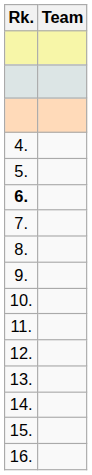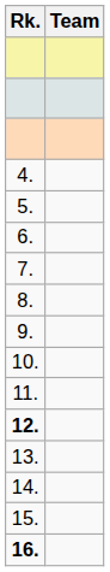 <table class="wikitable" style="border:1px solid #AAAAAA;font-size:90%" style="background:#ffffff;">
 <tr bgcolor="#E4E4E4">
 <th style="border-bottom:1px solid #AAAAAA">Rk.</th>
 <th style="border-bottom:1px solid #AAAAAA">Team</th>
 </tr>
 <tr bgcolor="#F7F6A8">
 <td align="center" style="height:23px"></td>
 <td></td>
 </tr>
 <tr bgcolor="#DCE5E5">
 <td align="center" style="height:23px"></td>
 <td></td>
 </tr>
 <tr bgcolor="#FFDAB9">
 <td align="center" style="height:23px"></td>
 <td></td>
 </tr>
 <tr>
 <td align="center">4.</td>
 <td></td>
 </tr>
 <tr>
 <td align="center">5.</td>
 <td></td>
 </tr>
 <tr>
-<td align="center"><strong>6.</strong></td>
+<td align="center">6.</td>
 <td></td>
 </tr>
 <tr>
 <td align="center">7.</td>
 <td></td>
 </tr>
 <tr>
 <td align="center">8.</td>
 <td></td>
 </tr>
 <tr>
 <td align="center">9.</td>
 <td></td>
 </tr>
 <tr>
 <td align="center">10.</td>
 <td></td>
 </tr>
 <tr>
 <td align="center">11.</td>
 <td></td>
 </tr>
 <tr>
-<td align="center">12.</td>
+<td align="center"><strong>12.</strong></td>
 <td></td>
 </tr>
 <tr>
 <td align="center">13.</td>
 <td></td>
 </tr>
 <tr>
 <td align="center">14.</td>
 <td></td>
 </tr>
 <tr>
 <td align="center">15.</td>
 <td></td>
 </tr>
 <tr>
-<td align="center">16.</td>
+<td align="center"><strong>16.</strong></td>
 <td></td>
 </tr>
 </table>
